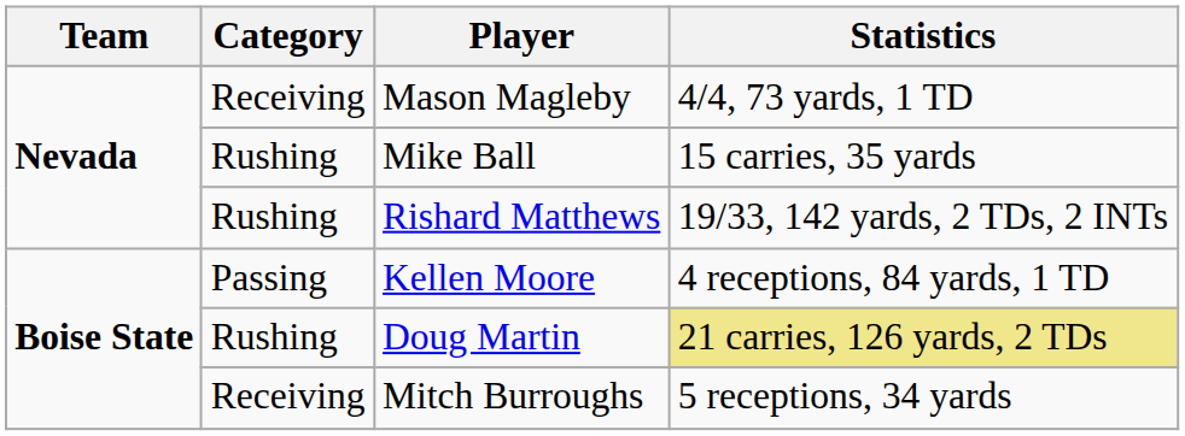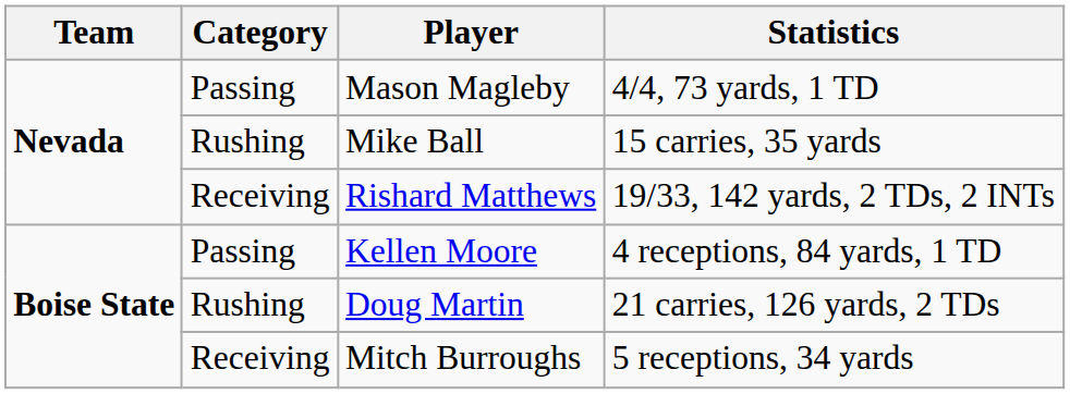 <table class="wikitable" style="float: left;">
 <tr>
 <th>Team</th>
 <th>Category</th>
 <th>Player</th>
 <th>Statistics</th>
 </tr>
 <tr>
 <td rowspan=3><strong>Nevada</strong></td>
-<td>Receiving</td>
+<td>Passing</td>
 <td>Mason Magleby</td>
 <td>4/4, 73 yards, 1 TD</td>
 </tr>
 <tr>
 <td>Rushing</td>
 <td>Mike Ball</td>
 <td>15 carries, 35 yards</td>
 </tr>
 <tr>
-<td>Rushing</td>
+<td>Receiving</td>
 <td><a href='#'>Rishard Matthews</a></td>
 <td>19/33, 142 yards, 2 TDs, 2 INTs</td>
 </tr>
 <tr>
 <td rowspan=3><strong>Boise State</strong></td>
 <td>Passing</td>
 <td><a href='#'>Kellen Moore</a></td>
 <td>4 receptions, 84 yards, 1 TD</td>
 </tr>
 <tr>
 <td>Rushing</td>
 <td><a href='#'>Doug Martin</a></td>
-<td style="background: khaki;">21 carries, 126 yards, 2 TDs</td>
+<td>21 carries, 126 yards, 2 TDs</td>
 </tr>
 <tr>
 <td>Receiving</td>
 <td>Mitch Burroughs</td>
 <td>5 receptions, 34 yards</td>
 </tr>
 </table>
